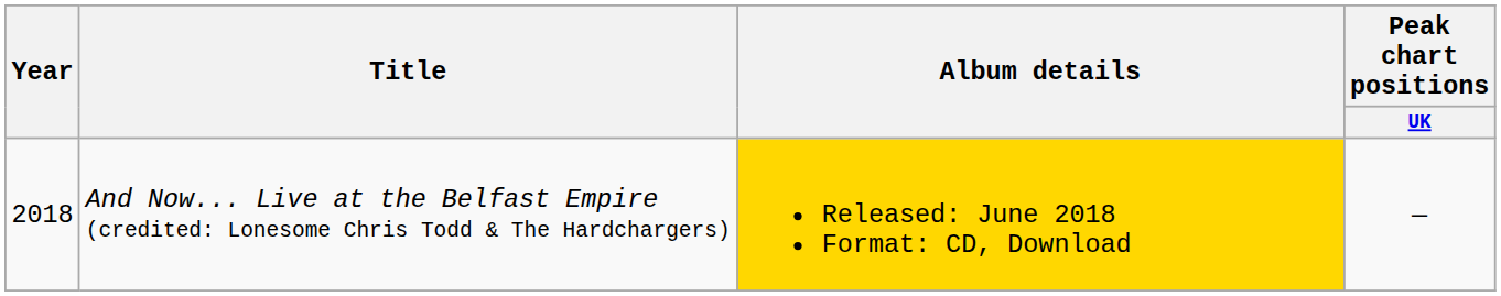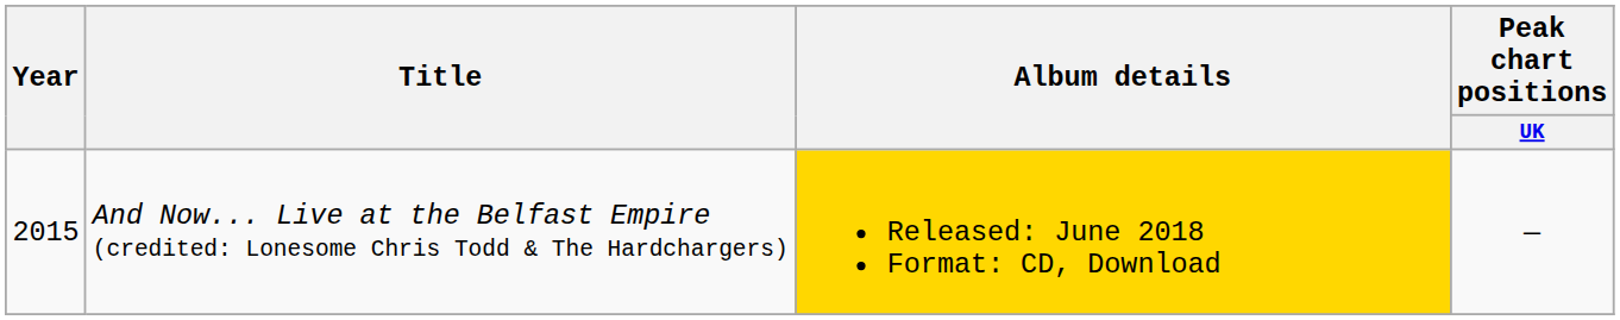 <table class="wikitable" border="1">
 <tr>
 <th rowspan="2">Year</th>
 <th rowspan="2">Title</th>
 <th rowspan="2" width="300">Album details</th>
 <th>Peak chart positions</th>
 </tr>
 <tr>
 <th style="width:3em;font-size:75%;"><a href='#'>UK</a><br></th>
 </tr>
 <tr>
-<td>2018</td>
+<td>2015</td>
 <td><em>And Now... Live at the Belfast Empire</em><br><small>(credited: Lonesome Chris Todd & The Hardchargers)</small></td>
 <td style="background: gold;"><br><ul><li>Released: June 2018</li><li>Format: CD, Download</li></ul></td>
 <td align="center">—</td>
 </tr>
 </table>
